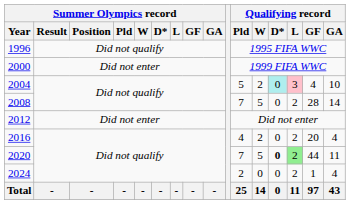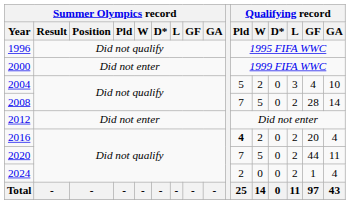 <table class="wikitable" style="text-align: center;">
 <tr>
 <th colspan=9><a href='#'>Summer Olympics</a> record</th>
 <th rowspan=11></th>
 <th colspan=6><a href='#'>Qualifying</a> record</th>
 </tr>
 <tr>
 <th>Year</th>
 <th>Result</th>
 <th>Position</th>
 <th>Pld</th>
 <th>W</th>
 <th>D*</th>
 <th>L</th>
 <th>GF</th>
 <th>GA</th>
 <th>Pld</th>
 <th>W</th>
 <th>D*</th>
 <th>L</th>
 <th>GF</th>
 <th>GA</th>
 </tr>
 <tr>
 <td> <a href='#'>1996</a></td>
 <td colspan=8><em>Did not qualify</em></td>
 <td colspan=6><em><a href='#'>1995 FIFA WWC</a></em></td>
 </tr>
 <tr>
 <td> <a href='#'>2000</a></td>
 <td colspan=8><em>Did not enter</em></td>
 <td colspan=6><em><a href='#'>1999 FIFA WWC</a></em></td>
 </tr>
 <tr>
 <td> <a href='#'>2004</a></td>
 <td colspan=8 rowspan=2><em>Did not qualify</em></td>
 <td>5</td>
 <td>2</td>
-<td style="background: paleturquoise;">0</td>
-<td style="background: pink;">3</td>
+<td>0</td>
+<td>3</td>
 <td>4</td>
 <td>10</td>
 </tr>
 <tr>
 <td> <a href='#'>2008</a></td>
 <td>7</td>
 <td>5</td>
 <td>0</td>
 <td>2</td>
 <td>28</td>
 <td>14</td>
 </tr>
 <tr>
 <td> <a href='#'>2012</a></td>
 <td colspan=8><em>Did not enter</em></td>
 <td colspan=6><em>Did not enter</em></td>
 </tr>
 <tr>
 <td> <a href='#'>2016</a></td>
 <td colspan=8 rowspan=3><em>Did not qualify</em></td>
-<td>4</td>
+<td><strong>4</strong></td>
 <td>2</td>
 <td>0</td>
 <td>2</td>
 <td>20</td>
 <td>4</td>
 </tr>
 <tr>
 <td> <a href='#'>2020</a></td>
 <td>7</td>
 <td>5</td>
-<td><strong>0</strong></td>
-<td style="background: lightgreen;">2</td>
+<td>0</td>
+<td>2</td>
 <td>44</td>
 <td>11</td>
 </tr>
 <tr>
 <td> <a href='#'>2024</a></td>
 <td>2</td>
 <td>0</td>
 <td>0</td>
 <td>2</td>
 <td>1</td>
 <td>4</td>
 </tr>
 <tr>
 <th>Total</th>
 <th>-</th>
 <th>-</th>
 <th>-</th>
 <th>-</th>
 <th>-</th>
 <th>-</th>
 <th>-</th>
 <th>-</th>
 <th>25</th>
 <th>14</th>
 <th>0</th>
 <th>11</th>
 <th>97</th>
 <th>43</th>
 </tr>
 </table>
